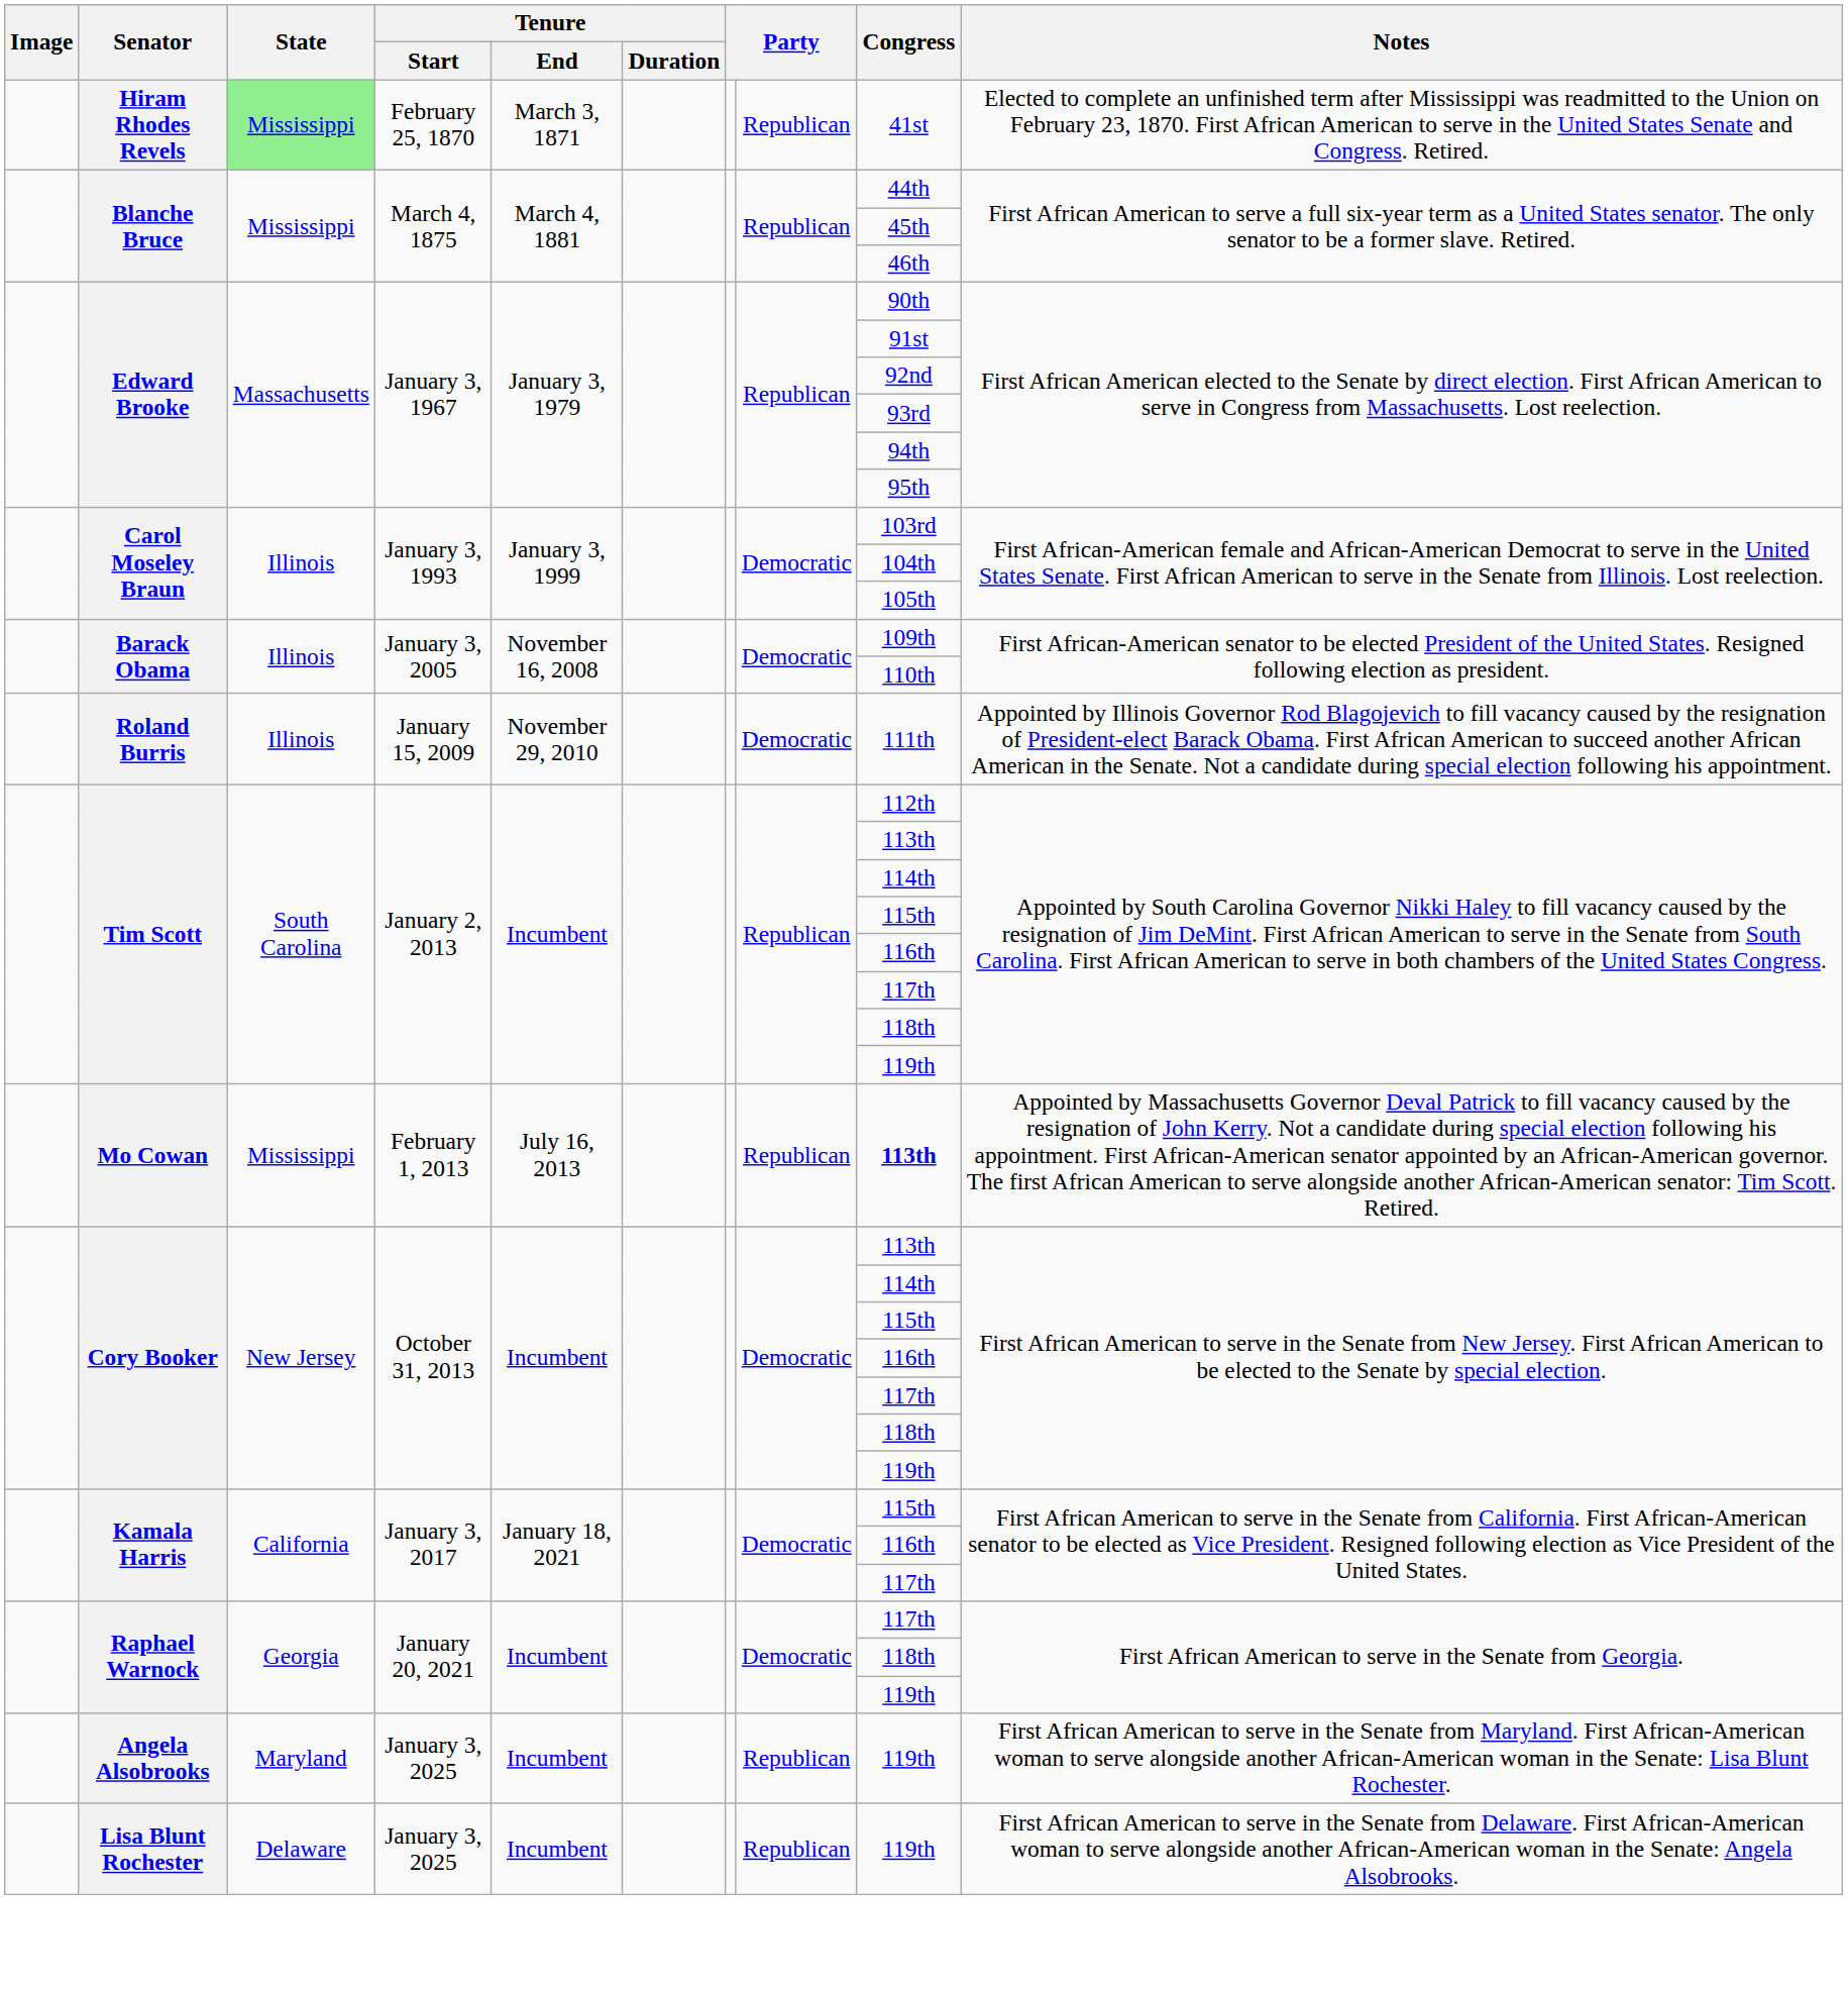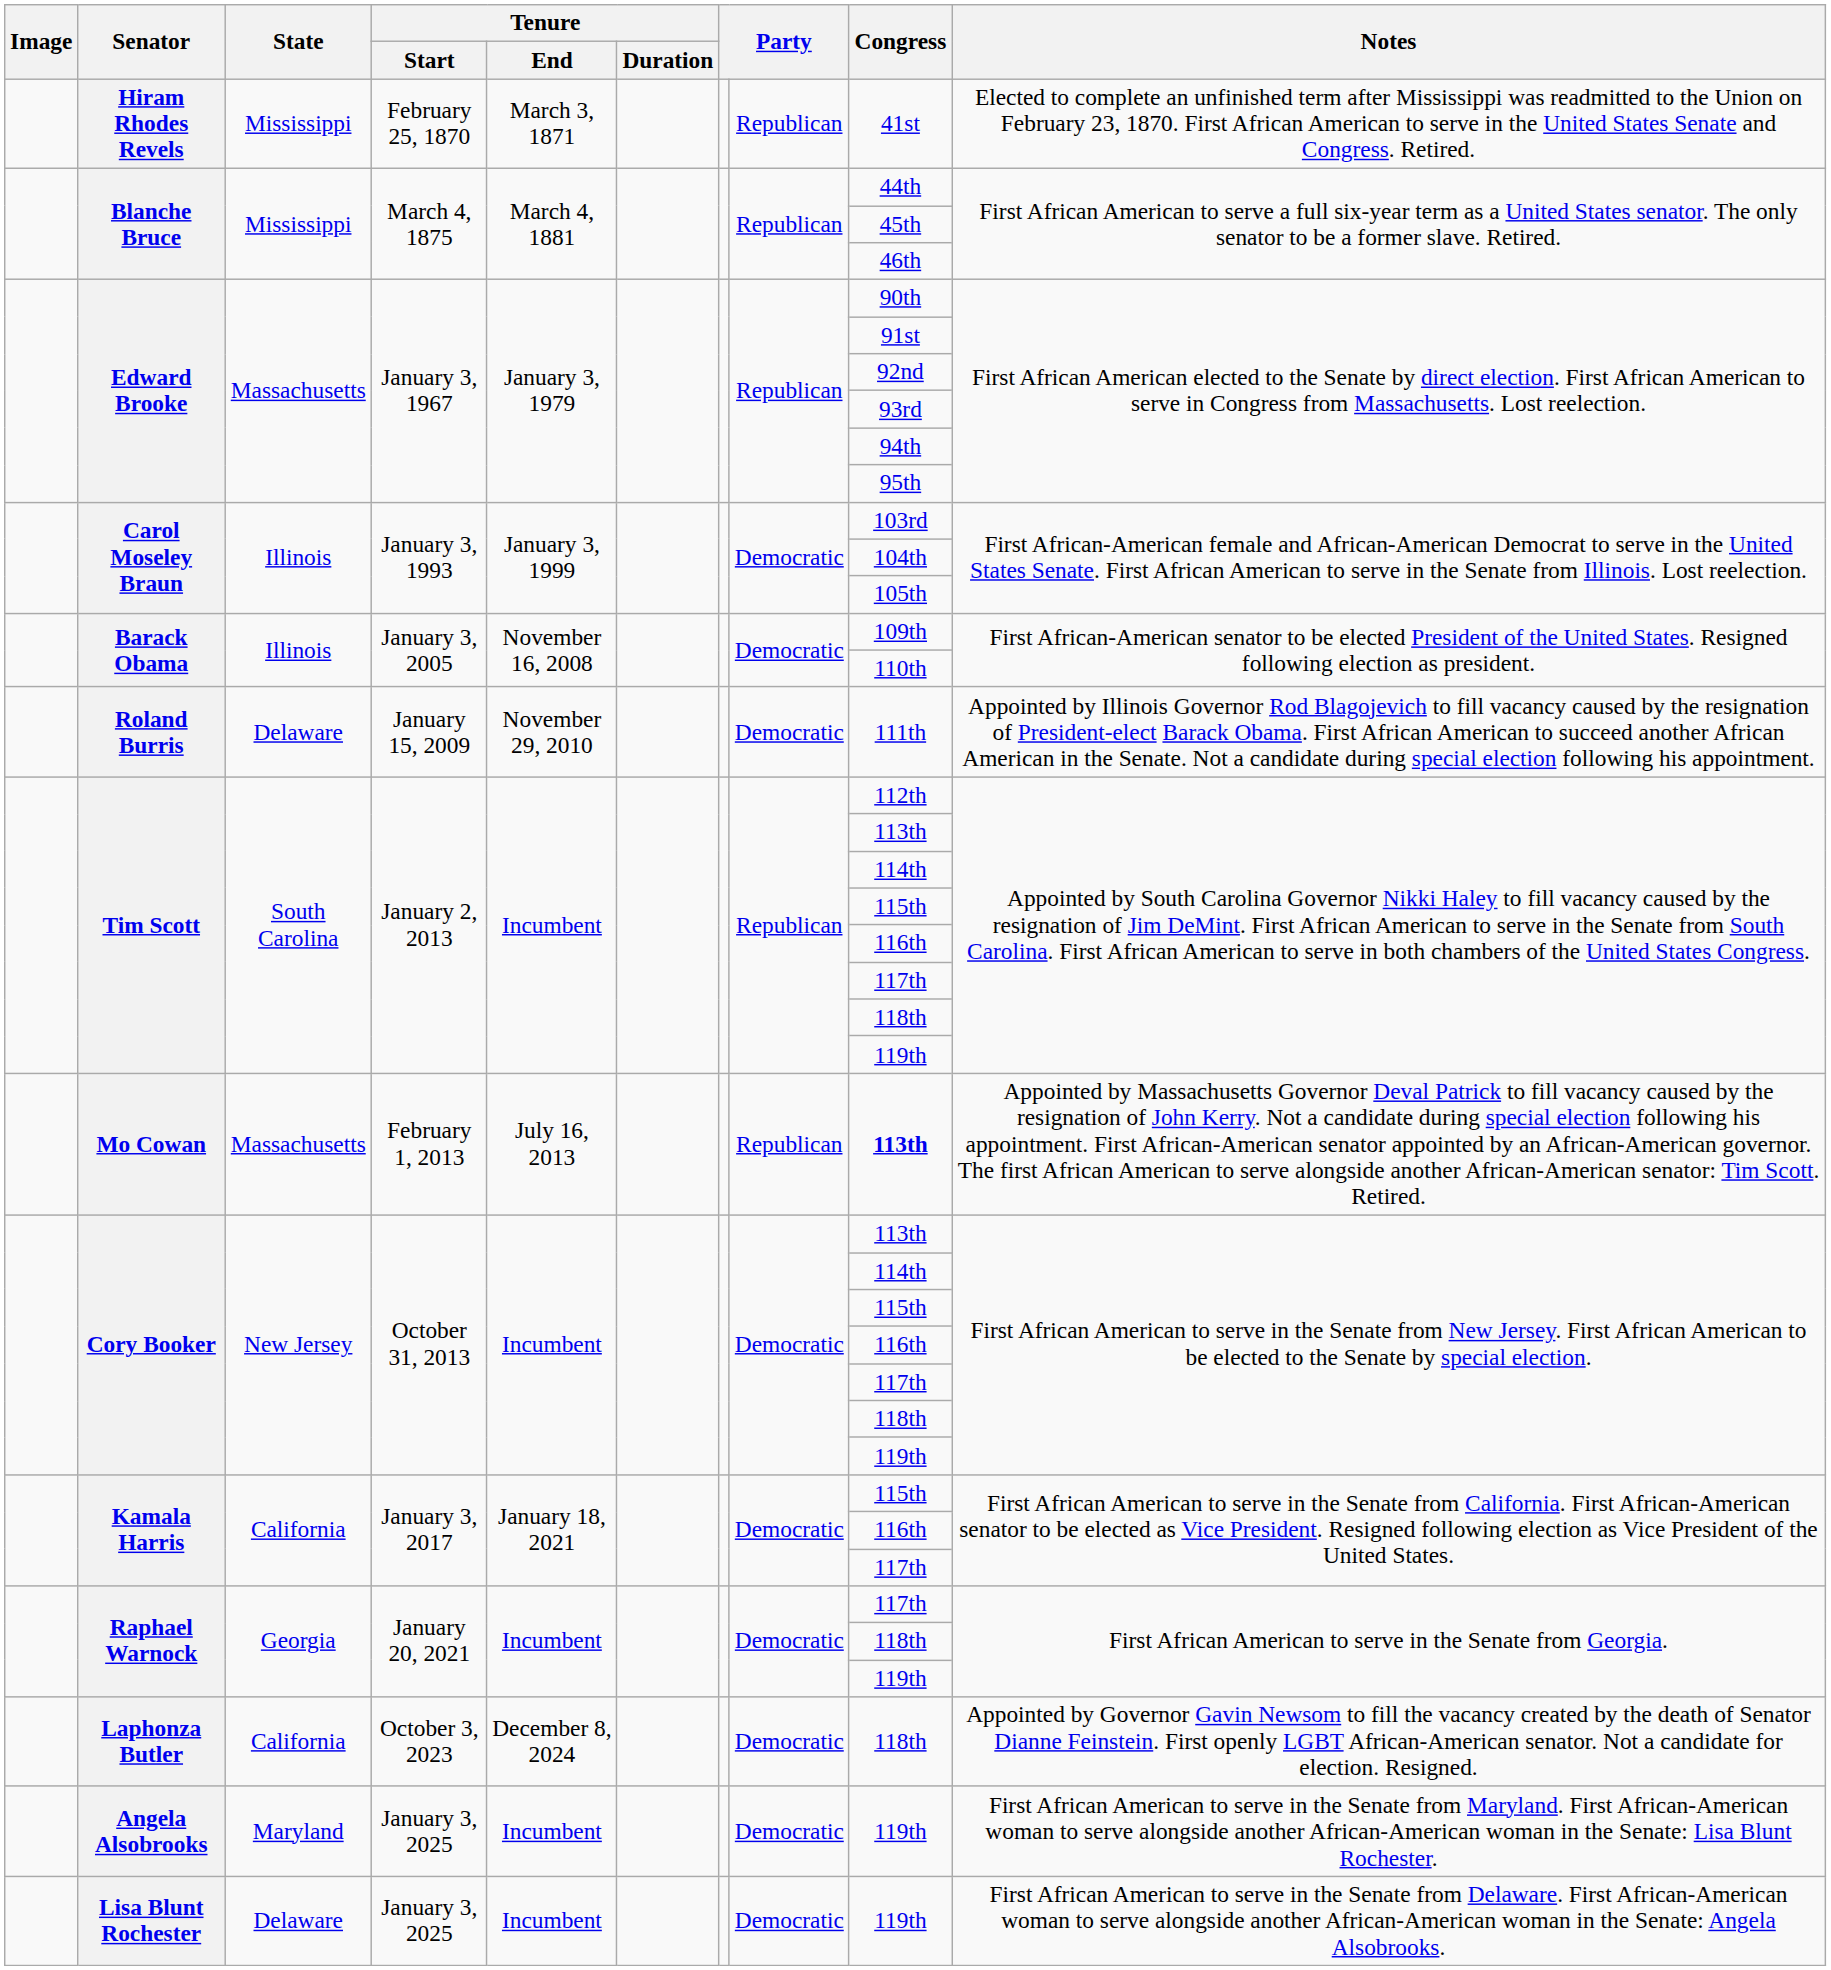 <table class="wikitable sortable plainrowheaders" style="text-align: center;">
 <tr>
 <th scope="col" rowspan="2" class="unsortable">Image</th>
 <th scope="col" rowspan="2" class="unsortable">Senator</th>
 <th scope="col" rowspan="2">State</th>
 <th scope="col" colspan="3">Tenure</th>
 <th scope="col" rowspan="2" colspan="2"><a href='#'>Party</a></th>
 <th scope="col" rowspan="2" class="unsortable">Congress</th>
 <th scope="col" rowspan="2" class="unsortable">Notes</th>
 </tr>
 <tr>
 <th scope="col" data-sort-type="date">Start</th>
 <th scope="col" data-sort-type="date">End</th>
 <th scope="col">Duration</th>
 </tr>
 <tr>
 <td></td>
 <th scope="row"><strong><a href='#'>Hiram Rhodes Revels</a></strong><br></th>
-<td style="background: lightgreen;"><a href='#'>Mississippi</a></td>
+<td><a href='#'>Mississippi</a></td>
 <td>February 25, 1870</td>
 <td>March 3, 1871</td>
 <td></td>
 <td style="background: "></td>
 <td><a href='#'>Republican</a></td>
 <td><a href='#'>41st</a><br></td>
 <td>Elected to complete an unfinished term after Mississippi was readmitted to the Union on February 23, 1870.  First African American to serve in the <a href='#'>United States Senate</a> and <a href='#'>Congress</a>. Retired.</td>
 </tr>
 <tr>
 <td rowspan="3"></td>
 <th scope="row" rowspan="3"><strong><a href='#'>Blanche Bruce</a></strong><br></th>
 <td rowspan="3"><a href='#'>Mississippi</a></td>
 <td rowspan="3">March 4, 1875</td>
 <td rowspan="3">March 4, 1881</td>
 <td rowspan="3"></td>
 <td rowspan="3" style="background: "></td>
 <td rowspan="3"><a href='#'>Republican</a></td>
 <td><a href='#'>44th</a><br></td>
 <td rowspan="3">First African American to serve a full six-year term as a <a href='#'>United States senator</a>. The only senator to be a former slave. Retired.</td>
 </tr>
 <tr>
 <td><a href='#'>45th</a><br></td>
 </tr>
 <tr>
 <td><a href='#'>46th</a><br></td>
 </tr>
 <tr>
 <td rowspan="6"></td>
 <th scope="row" rowspan="6"><strong><a href='#'>Edward Brooke</a></strong><br></th>
 <td rowspan="6"><a href='#'>Massachusetts</a></td>
 <td rowspan="6">January 3, 1967</td>
 <td rowspan="6">January 3, 1979</td>
 <td rowspan="6"></td>
 <td rowspan="6" style="background: "></td>
 <td rowspan="6"><a href='#'>Republican</a></td>
 <td><a href='#'>90th</a><br></td>
 <td rowspan="6">First African American elected to the Senate by <a href='#'>direct election</a>. First African American to serve in Congress from <a href='#'>Massachusetts</a>. Lost reelection.</td>
 </tr>
 <tr>
 <td><a href='#'>91st</a><br></td>
 </tr>
 <tr>
 <td><a href='#'>92nd</a><br></td>
 </tr>
 <tr>
 <td><a href='#'>93rd</a><br></td>
 </tr>
 <tr>
 <td><a href='#'>94th</a><br></td>
 </tr>
 <tr>
 <td><a href='#'>95th</a><br></td>
 </tr>
 <tr>
 <td rowspan="3"></td>
 <th scope="row" rowspan="3"><strong><a href='#'>Carol Moseley Braun</a></strong><br></th>
 <td rowspan="3"><a href='#'>Illinois</a></td>
 <td rowspan="3">January 3, 1993</td>
 <td rowspan="3">January 3, 1999</td>
 <td rowspan="3"></td>
 <td rowspan="3" style="background: "></td>
 <td rowspan="3"><a href='#'>Democratic</a></td>
 <td><a href='#'>103rd</a><br></td>
 <td rowspan="3">First African-American female and African-American Democrat to serve in the <a href='#'>United States Senate</a>. First African American to serve in the Senate from <a href='#'>Illinois</a>. Lost reelection.</td>
 </tr>
 <tr>
 <td><a href='#'>104th</a><br></td>
 </tr>
 <tr>
 <td><a href='#'>105th</a><br></td>
 </tr>
 <tr>
 <td rowspan="2"></td>
 <th scope="row" rowspan="2"><strong><a href='#'>Barack Obama</a></strong><br></th>
 <td rowspan="2"><a href='#'>Illinois</a></td>
 <td rowspan="2">January 3, 2005</td>
 <td rowspan="2">November 16, 2008</td>
 <td rowspan="2"></td>
 <td rowspan="2" style="background: "></td>
 <td rowspan="2"><a href='#'>Democratic</a></td>
 <td><a href='#'>109th</a><br></td>
 <td rowspan="2">First African-American senator to be elected <a href='#'>President of the United States</a>. Resigned following election as president.</td>
 </tr>
 <tr>
 <td><a href='#'>110th</a><br></td>
 </tr>
 <tr>
 <td></td>
 <th scope="row"><strong><a href='#'>Roland Burris</a></strong><br></th>
-<td><a href='#'>Illinois</a></td>
+<td><a href='#'>Delaware</a></td>
 <td>January 15, 2009</td>
 <td>November 29, 2010</td>
 <td></td>
 <td style="background: "></td>
 <td><a href='#'>Democratic</a></td>
 <td><a href='#'>111th</a><br></td>
 <td>Appointed by Illinois Governor <a href='#'>Rod Blagojevich</a> to fill vacancy caused by the resignation of <a href='#'>President-elect</a> <a href='#'>Barack Obama</a>. First African American to succeed another African American in the Senate. Not a candidate during <a href='#'>special election</a> following his appointment.</td>
 </tr>
 <tr>
 <td rowspan="8"></td>
 <th scope="row" rowspan="8"><strong><a href='#'>Tim Scott</a></strong><br></th>
 <td rowspan="8"><a href='#'>South Carolina</a></td>
 <td rowspan="8">January 2, 2013</td>
 <td rowspan="8"><a href='#'>Incumbent</a></td>
 <td rowspan="8"></td>
 <td rowspan="8" style="background: "></td>
 <td rowspan="8"><a href='#'>Republican</a></td>
 <td><a href='#'>112th</a><br></td>
 <td rowspan="8">Appointed by South Carolina Governor <a href='#'>Nikki Haley</a> to fill vacancy caused by the resignation of <a href='#'>Jim DeMint</a>. First African American to serve in the Senate from <a href='#'>South Carolina</a>. First African American to serve in both chambers of the <a href='#'>United States Congress</a>.</td>
 </tr>
 <tr>
 <td><a href='#'>113th</a><br></td>
 </tr>
 <tr>
 <td><a href='#'>114th</a><br></td>
 </tr>
 <tr>
 <td><a href='#'>115th</a><br></td>
 </tr>
 <tr>
 <td><a href='#'>116th</a><br></td>
 </tr>
 <tr>
 <td><a href='#'>117th</a><br></td>
 </tr>
 <tr>
 <td><a href='#'>118th</a><br></td>
 </tr>
 <tr>
 <td><a href='#'>119th</a><br></td>
 </tr>
 <tr>
 <td></td>
 <th scope="row"><strong><a href='#'>Mo Cowan</a></strong><br></th>
-<td><a href='#'>Mississippi</a></td>
+<td><a href='#'>Massachusetts</a></td>
 <td>February 1, 2013</td>
 <td>July 16, 2013</td>
 <td></td>
 <td style="background: "></td>
 <td><a href='#'>Republican</a></td>
 <td><strong><a href='#'>113th</a><br></strong></td>
 <td>Appointed by Massachusetts Governor <a href='#'>Deval Patrick</a> to fill vacancy caused by the resignation of <a href='#'>John Kerry</a>. Not a candidate during <a href='#'>special election</a> following his appointment. First African-American senator appointed by an African-American governor. The first African American to serve alongside another African-American senator: <a href='#'>Tim Scott</a>. Retired.</td>
 </tr>
 <tr>
 <td rowspan="7"></td>
 <th scope="row" rowspan="7"><strong><a href='#'>Cory Booker</a></strong><br></th>
 <td rowspan="7"><a href='#'>New Jersey</a></td>
 <td rowspan="7">October 31, 2013</td>
 <td rowspan="7"><a href='#'>Incumbent</a></td>
 <td rowspan="7"></td>
 <td rowspan="7" style="background: "></td>
 <td rowspan="7"><a href='#'>Democratic</a></td>
 <td><a href='#'>113th</a><br></td>
 <td rowspan="7">First African American to serve in the Senate from <a href='#'>New Jersey</a>. First African American to be elected to the Senate by <a href='#'>special election</a>.</td>
 </tr>
 <tr>
 <td><a href='#'>114th</a><br></td>
 </tr>
 <tr>
 <td><a href='#'>115th</a><br></td>
 </tr>
 <tr>
 <td><a href='#'>116th</a><br></td>
 </tr>
 <tr>
 <td><a href='#'>117th</a><br></td>
 </tr>
 <tr>
 <td><a href='#'>118th</a><br></td>
 </tr>
 <tr>
 <td><a href='#'>119th</a><br></td>
 </tr>
 <tr>
 <td rowspan="3"></td>
 <th scope="row" rowspan="3"><strong><a href='#'>Kamala Harris</a></strong> <br></th>
 <td rowspan="3"><a href='#'>California</a></td>
 <td rowspan="3">January 3, 2017</td>
 <td rowspan="3">January 18, 2021</td>
 <td rowspan="3"></td>
 <td rowspan="3" style="background: "></td>
 <td rowspan="3"><a href='#'>Democratic</a></td>
 <td><a href='#'>115th</a><br></td>
 <td rowspan="3">First African American to serve in the Senate from <a href='#'>California</a>. First African-American senator to be elected as <a href='#'>Vice President</a>. Resigned following election as Vice President of the United States.</td>
 </tr>
 <tr style=>
 <td><a href='#'>116th</a><br></td>
 </tr>
 <tr style=>
 <td><a href='#'>117th</a><br></td>
 </tr>
 <tr>
 <td rowspan="3"></td>
 <th rowspan="3" scope="row"><strong><a href='#'>Raphael Warnock</a></strong><br></th>
 <td rowspan="3"><a href='#'>Georgia</a></td>
 <td rowspan="3">January 20, 2021</td>
 <td rowspan="3"><a href='#'>Incumbent</a></td>
 <td rowspan="3"></td>
 <td rowspan="3" style="background: "></td>
 <td rowspan="3"><a href='#'>Democratic</a></td>
 <td><a href='#'>117th</a><br></td>
 <td rowspan="3">First African American to serve in the Senate from <a href='#'>Georgia</a>.</td>
 </tr>
 <tr style=>
 <td><a href='#'>118th</a><br></td>
 </tr>
 <tr>
 <td><a href='#'>119th</a><br></td>
 </tr>
 <tr>
 <td></td>
+<th scope="row"><strong><a href='#'>Laphonza Butler</a></strong><br></th>
+<td><a href='#'>California</a></td>
+<td>October 3, 2023</td>
+<td>December 8, 2024</td>
+<td></td>
+<td style="background: "></td>
+<td><a href='#'>Democratic</a></td>
+<td><a href='#'>118th</a><br></td>
+<td>Appointed by Governor <a href='#'>Gavin Newsom</a> to fill the vacancy created by the death of Senator <a href='#'>Dianne Feinstein</a>. First openly <a href='#'>LGBT</a> African-American senator. Not a candidate for election. Resigned.</td>
+</tr>
+<tr>
+<td></td>
 <th scope="row"><strong><a href='#'>Angela Alsobrooks</a></strong><br></th>
 <td><a href='#'>Maryland</a></td>
 <td>January 3, 2025</td>
 <td><a href='#'>Incumbent</a></td>
 <td></td>
 <td style="background: "></td>
-<td><a href='#'>Republican</a></td>
+<td><a href='#'>Democratic</a></td>
 <td><a href='#'>119th</a><br></td>
 <td>First African American to serve in the Senate from <a href='#'>Maryland</a>. First African-American woman to serve alongside another African-American woman in the Senate: <a href='#'>Lisa Blunt Rochester</a>.</td>
 </tr>
 <tr>
 <td></td>
 <th scope="row"><strong><a href='#'>Lisa Blunt Rochester</a></strong><br></th>
 <td><a href='#'>Delaware</a></td>
 <td>January 3, 2025</td>
 <td><a href='#'>Incumbent</a></td>
 <td></td>
 <td style="background: "></td>
-<td><a href='#'>Republican</a></td>
+<td><a href='#'>Democratic</a></td>
 <td><a href='#'>119th</a><br></td>
 <td>First African American to serve in the Senate from <a href='#'>Delaware</a>. First African-American woman to serve alongside another African-American woman in the Senate: <a href='#'>Angela Alsobrooks</a>.</td>
 </tr>
 </table>
